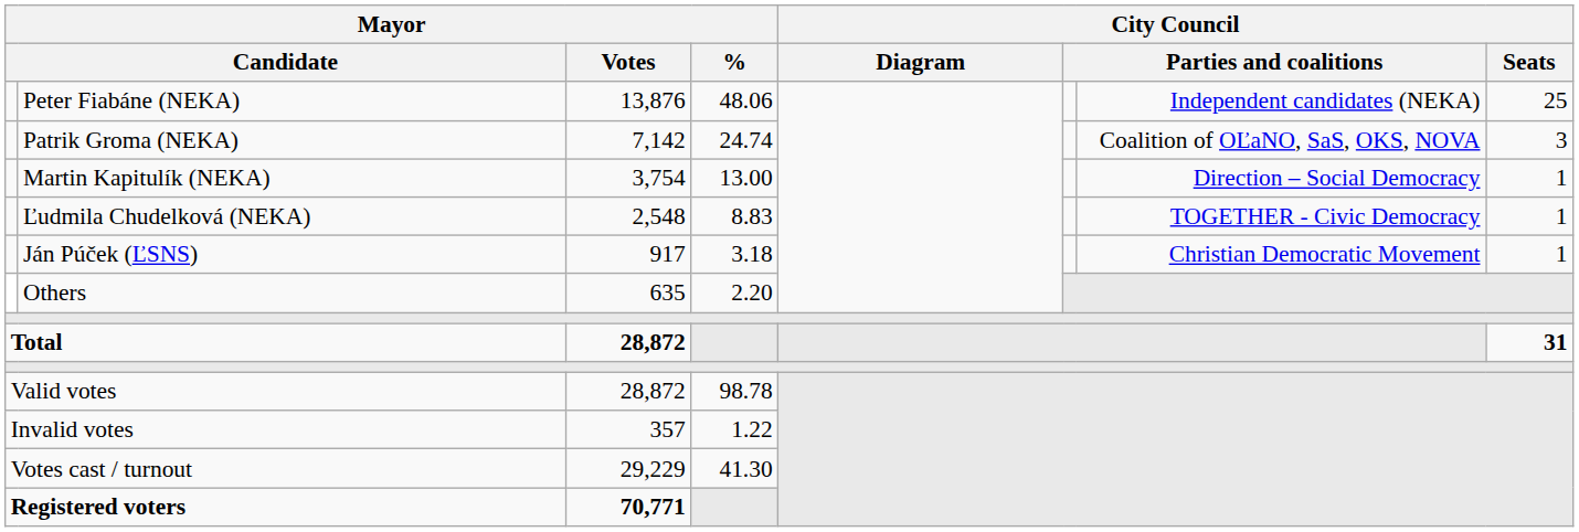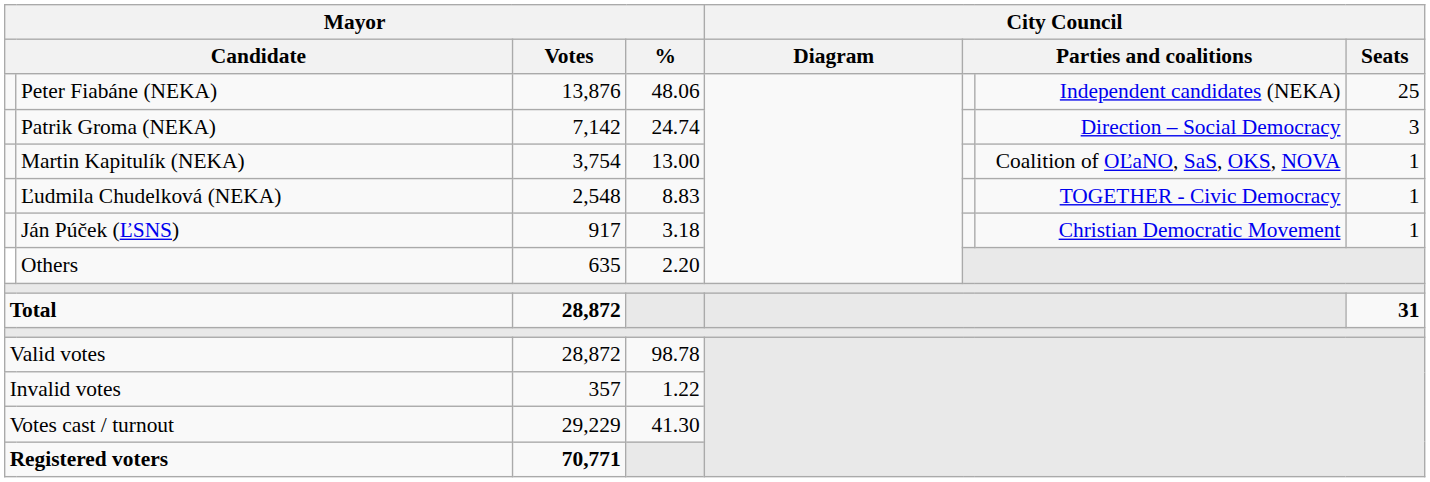 <table class="wikitable" style="text-align:right; font-size:97%;">
 <tr>
 <th colspan="4" width="500">Mayor</th>
 <th colspan="4" width="500">City Council</th>
 </tr>
 <tr>
 <th colspan="2" width="325">Candidate</th>
 <th width="75">Votes</th>
 <th width="50">%</th>
 <th width="180">Diagram</th>
 <th colspan="2" width="270">Parties and coalitions</th>
 <th width="50">Seats</th>
 </tr>
 <tr>
 <td width="1" style="color:inherit;background:"></td>
 <td align="left">Peter Fiabáne (NEKA)</td>
 <td>13,876</td>
 <td>48.06</td>
 <td rowspan="6"></td>
 <td width="1" style="color:inherit;background:"></td>
 <td><a href='#'>Independent candidates</a> (NEKA)</td>
 <td>25</td>
 </tr>
 <tr>
 <td width="1" style="color:inherit;background:"></td>
 <td align="left">Patrik Groma (NEKA)</td>
 <td>7,142</td>
 <td>24.74</td>
 <td width="1" style="color:inherit;background:"></td>
-<td>Coalition of <a href='#'>OĽaNO</a>, <a href='#'>SaS</a>, <a href='#'>OKS</a>, <a href='#'>NOVA</a></td>
+<td><a href='#'>Direction – Social Democracy</a></td>
 <td>3</td>
 </tr>
 <tr>
 <td width="1" style="color:inherit;background:"></td>
 <td align="left">Martin Kapitulík (NEKA)</td>
 <td>3,754</td>
 <td>13.00</td>
 <td width="1" style="color:inherit;background:"></td>
-<td><a href='#'>Direction – Social Democracy</a></td>
+<td>Coalition of <a href='#'>OĽaNO</a>, <a href='#'>SaS</a>, <a href='#'>OKS</a>, <a href='#'>NOVA</a></td>
 <td>1</td>
 </tr>
 <tr>
 <td width="1" style="color:inherit;background:"></td>
 <td align="left">Ľudmila Chudelková (NEKA)</td>
 <td>2,548</td>
 <td>8.83</td>
 <td width="1" style="color:inherit;background:"></td>
 <td><a href='#'>TOGETHER - Civic Democracy</a></td>
 <td>1</td>
 </tr>
 <tr>
 <td width="1" style="color:inherit;background:"></td>
 <td align="left">Ján Púček (<a href='#'>ĽSNS</a>)</td>
 <td>917</td>
 <td>3.18</td>
 <td width="1" style="color:inherit;background:"></td>
 <td><a href='#'>Christian Democratic Movement</a></td>
 <td>1</td>
 </tr>
 <tr>
 <td width="1" bgcolor="white"></td>
 <td align="left">Others</td>
 <td>635</td>
 <td>2.20</td>
 <td colspan="3" bgcolor="#E9E9E9"></td>
 </tr>
 <tr>
 <td colspan="8" bgcolor="#E9E9E9"></td>
 </tr>
 <tr>
 <td align="left" colspan="2"><strong>Total</strong></td>
 <td><strong>28,872</strong></td>
 <td style="color:inherit;background:#E9E9E9"></td>
 <td colspan="3" bgcolor="#E9E9E9"></td>
 <td><strong>31</strong></td>
 </tr>
 <tr>
 <td colspan="8" bgcolor="#E9E9E9"></td>
 </tr>
 <tr>
 <td align="left" colspan="2">Valid votes</td>
 <td>28,872</td>
 <td>98.78</td>
 <td bgcolor="#E9E9E9" rowspan="4" colspan="4"></td>
 </tr>
 <tr>
 <td align="left" colspan="2">Invalid votes</td>
 <td>357</td>
 <td>1.22</td>
 </tr>
 <tr>
 <td align="left" colspan="2">Votes cast / turnout</td>
 <td>29,229</td>
 <td>41.30</td>
 </tr>
 <tr style="font-weight:bold;">
 <td align="left" colspan="2">Registered voters</td>
 <td>70,771</td>
 <td bgcolor="#E9E9E9"></td>
 </tr>
 </table>
